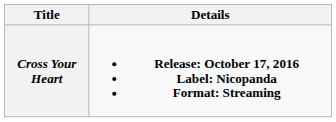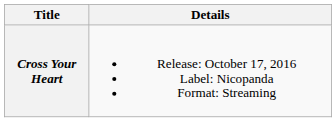 <table class="wikitable plainrowheaders" style="text-align:center;">
 <tr>
 <th scope="col" style="width:6em;">Title</th>
 <th scope="col" style="width:18em;">Details</th>
 </tr>
 <tr>
 <th scope="row"><em>Cross Your Heart</em></th>
-<td><strong><br><ul><li>Release: October 17, 2016</li><li>Label: Nicopanda</li><li>Format: Streaming</li></ul></strong></td>
+<td><br><ul><li>Release: October 17, 2016</li><li>Label: Nicopanda</li><li>Format: Streaming</li></ul></td>
 </tr>
 </table>
